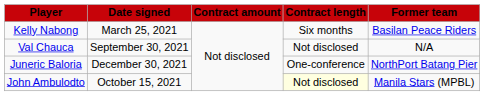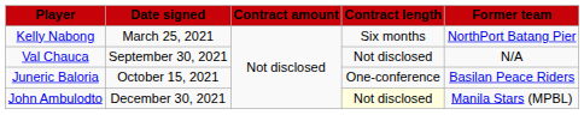 <table class="wikitable sortable sortable">
 <tr>
 <th style="background:#C70309; color:#000000; ">Player</th>
 <th style="background:#C70309; color:#000000; ">Date signed</th>
 <th style="background:#C70309; color:#000000; ">Contract amount</th>
 <th style="background:#C70309; color:#000000; ">Contract length</th>
 <th style="background:#C70309; color:#000000; ">Former team</th>
 </tr>
 <tr>
 <td align="center"><a href='#'>Kelly Nabong</a></td>
 <td align="center">March 25, 2021</td>
 <td rowspan="4"; align="center">Not disclosed</td>
 <td align="center">Six months</td>
-<td align=center><a href='#'>Basilan Peace Riders</a> </td>
+<td align="center"><a href='#'>NorthPort Batang Pier</a></td>
 </tr>
 <tr>
 <td align="center"><a href='#'>Val Chauca</a></td>
 <td align="center">September 30, 2021</td>
 <td align="center">Not disclosed</td>
 <td align="center">N/A</td>
 </tr>
 <tr>
 <td align=center><a href='#'>Juneric Baloria</a></td>
-<td align=center>December 30, 2021</td>
+<td align=center>October 15, 2021</td>
 <td align=center>One-conference</td>
-<td align="center"><a href='#'>NorthPort Batang Pier</a></td>
+<td align=center><a href='#'>Basilan Peace Riders</a> </td>
 </tr>
 <tr>
 <td align=center><a href='#'>John Ambulodto</a></td>
-<td align=center>October 15, 2021</td>
+<td align=center>December 30, 2021</td>
 <td align=center style="background: lightyellow;">Not disclosed</td>
 <td align=center><a href='#'>Manila Stars</a> (MPBL)</td>
 </tr>
 </table>
